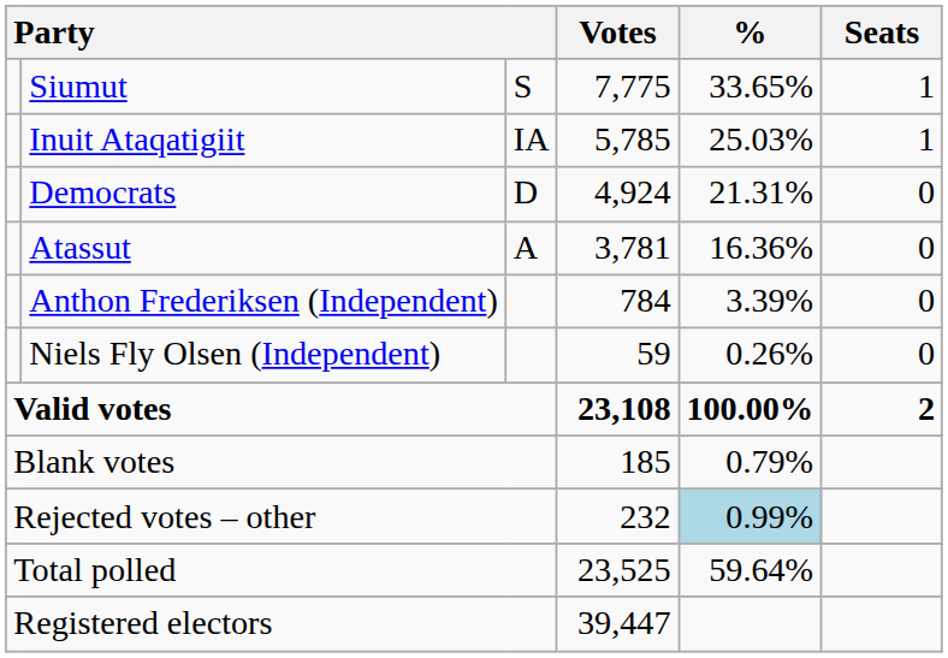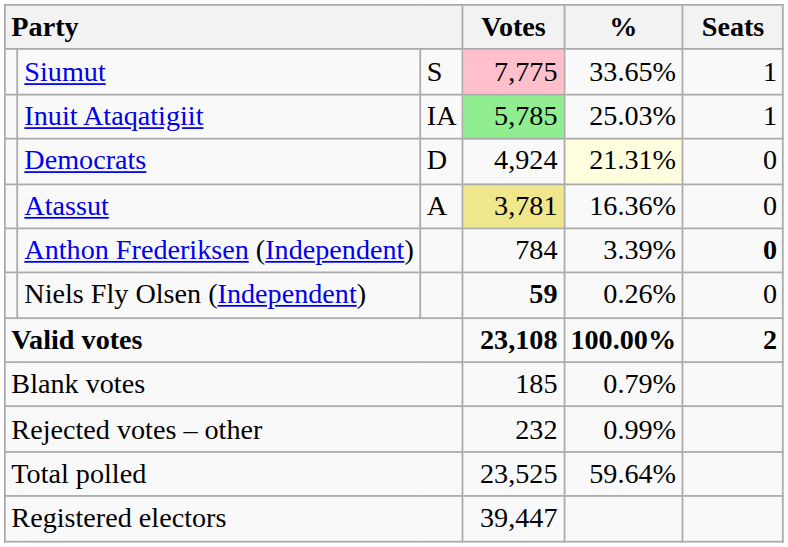 <table class="wikitable" border="1" style="text-align:right;">
 <tr>
 <th style="text-align:left;" valign=bottom colspan=3>Party</th>
 <th align=center valign=bottom width="50">Votes</th>
 <th align=center valign=bottom width="50">%</th>
 <th align=center valign=bottom width="50">Seats</th>
 </tr>
 <tr>
 <td></td>
 <td align=left><a href='#'>Siumut</a></td>
 <td align=left>S</td>
-<td>7,775</td>
+<td style="background: pink;">7,775</td>
 <td>33.65%</td>
 <td>1</td>
 </tr>
 <tr>
 <td></td>
 <td align=left><a href='#'>Inuit Ataqatigiit</a></td>
 <td align=left>IA</td>
-<td>5,785</td>
+<td style="background: lightgreen;">5,785</td>
 <td>25.03%</td>
 <td>1</td>
 </tr>
 <tr>
 <td></td>
 <td align=left><a href='#'>Democrats</a></td>
 <td align=left>D</td>
 <td>4,924</td>
-<td>21.31%</td>
+<td style="background: lightyellow;">21.31%</td>
 <td>0</td>
 </tr>
 <tr>
 <td></td>
 <td align=left><a href='#'>Atassut</a></td>
 <td align=left>A</td>
-<td>3,781</td>
+<td style="background: khaki;">3,781</td>
 <td>16.36%</td>
 <td>0</td>
 </tr>
 <tr>
 <td></td>
 <td align=left><a href='#'>Anthon Frederiksen</a> (<a href='#'>Independent</a>)</td>
 <td></td>
 <td>784</td>
 <td>3.39%</td>
-<td>0</td>
+<td><strong>0</strong></td>
 </tr>
 <tr>
 <td></td>
 <td align=left>Niels Fly Olsen (<a href='#'>Independent</a>)</td>
 <td></td>
-<td>59</td>
+<td><strong>59</strong></td>
 <td>0.26%</td>
 <td>0</td>
 </tr>
 <tr style="font-weight:bold">
 <td align=left colspan=3>Valid votes</td>
 <td>23,108</td>
 <td>100.00%</td>
 <td>2</td>
 </tr>
 <tr>
 <td align=left colspan=3>Blank votes</td>
 <td>185</td>
 <td>0.79%</td>
 <td></td>
 </tr>
 <tr>
 <td align=left colspan=3>Rejected votes – other</td>
 <td>232</td>
-<td style="background: lightblue;">0.99%</td>
+<td>0.99%</td>
 <td></td>
 </tr>
 <tr>
 <td align=left colspan=3>Total polled</td>
 <td>23,525</td>
 <td>59.64%</td>
 <td></td>
 </tr>
 <tr>
 <td align=left colspan=3>Registered electors</td>
 <td>39,447</td>
 <td></td>
 <td></td>
 </tr>
 </table>
